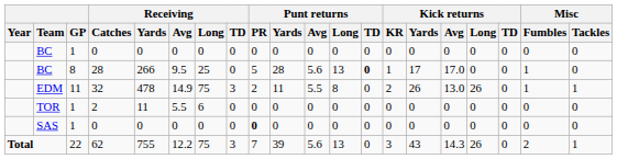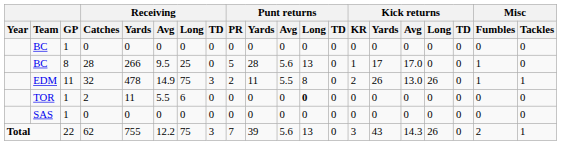 <table class="wikitable">
 <tr>
 <th colspan=3></th>
 <th colspan=5>Receiving</th>
 <th colspan=5>Punt returns</th>
 <th colspan=5>Kick returns</th>
 <th colspan=2>Misc</th>
 </tr>
 <tr>
 <th>Year</th>
 <th>Team</th>
 <th>GP</th>
 <th>Catches</th>
 <th>Yards</th>
 <th>Avg</th>
 <th>Long</th>
 <th>TD</th>
 <th>PR</th>
 <th>Yards</th>
 <th>Avg</th>
 <th>Long</th>
 <th>TD</th>
 <th>KR</th>
 <th>Yards</th>
 <th>Avg</th>
 <th>Long</th>
 <th>TD</th>
 <th>Fumbles</th>
 <th>Tackles</th>
 </tr>
 <tr>
 <td></td>
 <td><a href='#'>BC</a></td>
 <td>1</td>
 <td>0</td>
 <td>0</td>
 <td>0</td>
 <td>0</td>
 <td>0</td>
 <td>0</td>
 <td>0</td>
 <td>0</td>
 <td>0</td>
 <td>0</td>
 <td>0</td>
 <td>0</td>
 <td>0</td>
 <td>0</td>
 <td>0</td>
 <td>0</td>
 <td>0</td>
 </tr>
 <tr>
 <td></td>
 <td><a href='#'>BC</a></td>
 <td>8</td>
 <td>28</td>
 <td>266</td>
 <td>9.5</td>
 <td>25</td>
 <td>0</td>
 <td>5</td>
 <td>28</td>
 <td>5.6</td>
 <td>13</td>
-<td><strong>0</strong></td>
+<td>0</td>
 <td>1</td>
 <td>17</td>
 <td>17.0</td>
 <td>0</td>
 <td>0</td>
 <td>1</td>
 <td>0</td>
 </tr>
 <tr>
 <td></td>
 <td><a href='#'>EDM</a></td>
 <td>11</td>
 <td>32</td>
 <td>478</td>
 <td>14.9</td>
 <td>75</td>
 <td>3</td>
 <td>2</td>
 <td>11</td>
 <td>5.5</td>
 <td>8</td>
 <td>0</td>
 <td>2</td>
 <td>26</td>
 <td>13.0</td>
 <td>26</td>
 <td>0</td>
 <td>1</td>
 <td>1</td>
 </tr>
 <tr>
 <td></td>
 <td><a href='#'>TOR</a></td>
 <td>1</td>
 <td>2</td>
 <td>11</td>
 <td>5.5</td>
 <td>6</td>
 <td>0</td>
 <td>0</td>
 <td>0</td>
 <td>0</td>
-<td>0</td>
+<td><strong>0</strong></td>
 <td>0</td>
 <td>0</td>
 <td>0</td>
 <td>0</td>
 <td>0</td>
 <td>0</td>
 <td>0</td>
 <td>0</td>
 </tr>
 <tr>
 <td></td>
 <td><a href='#'>SAS</a></td>
 <td>1</td>
 <td>0</td>
 <td>0</td>
 <td>0</td>
 <td>0</td>
 <td>0</td>
-<td><strong>0</strong></td>
+<td>0</td>
 <td>0</td>
 <td>0</td>
 <td>0</td>
 <td>0</td>
 <td>0</td>
 <td>0</td>
 <td>0</td>
 <td>0</td>
 <td>0</td>
 <td>0</td>
 <td>0</td>
 </tr>
 <tr>
 <td colspan=2><strong>Total</strong></td>
 <td>22</td>
 <td>62</td>
 <td>755</td>
 <td>12.2</td>
 <td>75</td>
 <td>3</td>
 <td>7</td>
 <td>39</td>
 <td>5.6</td>
 <td>13</td>
 <td>0</td>
 <td>3</td>
 <td>43</td>
 <td>14.3</td>
 <td>26</td>
 <td>0</td>
 <td>2</td>
 <td>1</td>
 </tr>
 </table>
